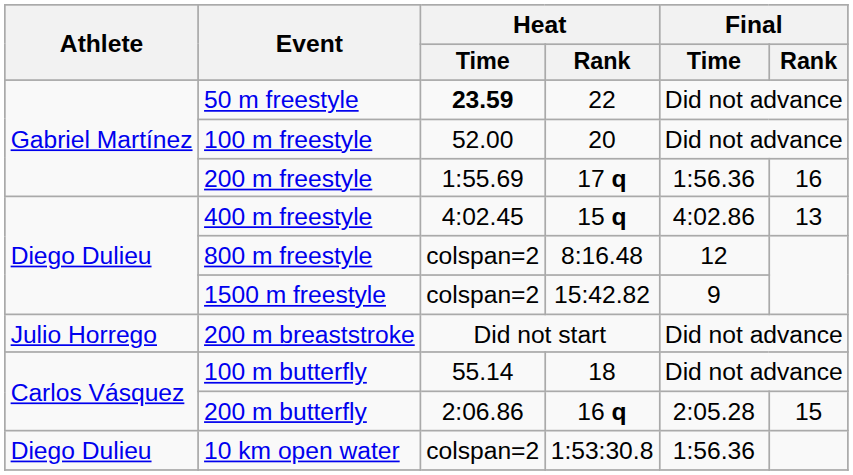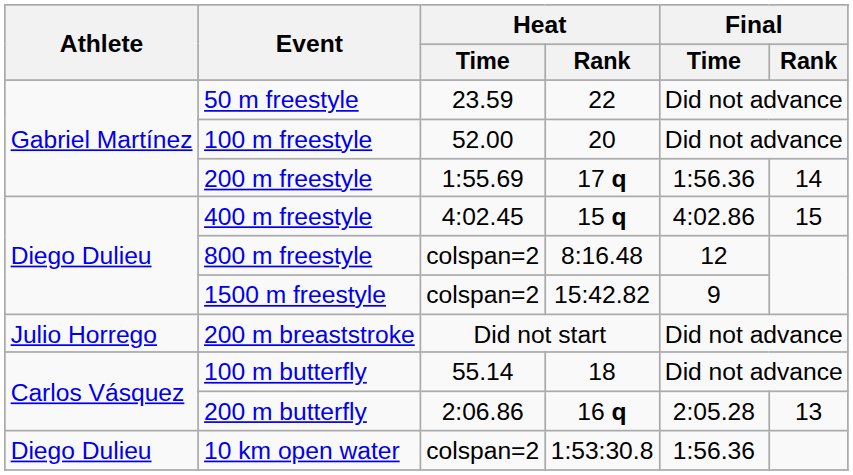 <table class=wikitable style=font-size:90%;text-align:center>
 <tr>
 <th rowspan=2>Athlete</th>
 <th rowspan=2>Event</th>
 <th colspan=2>Heat</th>
 <th colspan=2>Final</th>
 </tr>
 <tr style=font-size:95%>
 <th>Time</th>
 <th>Rank</th>
 <th>Time</th>
 <th>Rank</th>
 </tr>
 <tr align=center>
 <td align=left rowspan=3><a href='#'>Gabriel Martínez</a></td>
 <td align=left><a href='#'>50 m freestyle</a></td>
-<td><strong>23.59</strong></td>
+<td>23.59</td>
 <td>22</td>
 <td colspan=2>Did not advance</td>
 </tr>
 <tr align=center>
 <td align=left><a href='#'>100 m freestyle</a></td>
 <td>52.00</td>
 <td>20</td>
 <td colspan=2>Did not advance</td>
 </tr>
 <tr align=center>
 <td align=left><a href='#'>200 m freestyle</a></td>
 <td>1:55.69</td>
 <td>17 <strong>q</strong></td>
 <td>1:56.36</td>
-<td>16</td>
+<td>14</td>
 </tr>
 <tr align=center>
 <td align=left rowspan=3><a href='#'>Diego Dulieu</a></td>
 <td align=left><a href='#'>400 m freestyle</a></td>
 <td>4:02.45</td>
 <td>15 <strong>q</strong></td>
 <td>4:02.86</td>
-<td>13</td>
+<td>15</td>
 </tr>
 <tr align=center>
 <td align=left><a href='#'>800 m freestyle</a></td>
 <td>colspan=2 </td>
 <td>8:16.48</td>
 <td>12</td>
 </tr>
 <tr align=center>
 <td align=left><a href='#'>1500 m freestyle</a></td>
 <td>colspan=2 </td>
 <td>15:42.82</td>
 <td>9</td>
 </tr>
 <tr align=center>
 <td align=left><a href='#'>Julio Horrego</a></td>
 <td align=left><a href='#'>200 m breaststroke</a></td>
 <td colspan=2>Did not start</td>
 <td colspan=2>Did not advance</td>
 </tr>
 <tr align=center>
 <td align=left rowspan=2><a href='#'>Carlos Vásquez</a></td>
 <td align=left><a href='#'>100 m butterfly</a></td>
 <td>55.14</td>
 <td>18</td>
 <td colspan=2>Did not advance</td>
 </tr>
 <tr align=center>
 <td align=left><a href='#'>200 m butterfly</a></td>
 <td>2:06.86</td>
 <td>16 <strong>q</strong></td>
 <td>2:05.28</td>
-<td>15</td>
+<td>13</td>
 </tr>
 <tr align=center>
 <td align=left><a href='#'>Diego Dulieu</a></td>
 <td align=left><a href='#'>10 km open water</a></td>
 <td>colspan=2 </td>
 <td>1:53:30.8</td>
 <td>1:56.36</td>
 </tr>
 </table>
